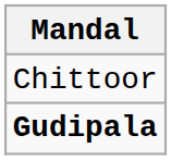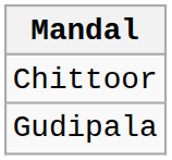 <table class="wikitable sortable static-row-numbers static-row-header-hash">
 <tr>
 <th>Mandal</th>
 </tr>
 <tr>
 <td>Chittoor</td>
 </tr>
 <tr>
-<td><strong>Gudipala</strong></td>
+<td>Gudipala</td>
 </tr>
 </table>
